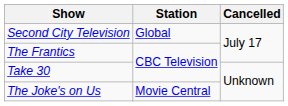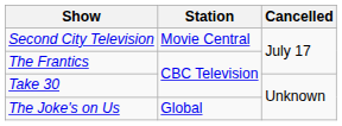 <table class="wikitable">
 <tr>
 <th>Show</th>
 <th>Station</th>
 <th>Cancelled</th>
 </tr>
 <tr>
 <td><em><a href='#'>Second City Television</a></em></td>
-<td><a href='#'>Global</a></td>
+<td><a href='#'>Movie Central</a></td>
 <td rowspan="2">July 17</td>
 </tr>
 <tr>
 <td><em><a href='#'>The Frantics</a></em></td>
 <td rowspan="2"><a href='#'>CBC Television</a></td>
 </tr>
 <tr>
 <td><em><a href='#'>Take 30</a></em></td>
 <td rowspan="2">Unknown</td>
 </tr>
 <tr>
 <td><em><a href='#'>The Joke's on Us</a></em></td>
-<td><a href='#'>Movie Central</a></td>
+<td><a href='#'>Global</a></td>
 </tr>
 </table>
